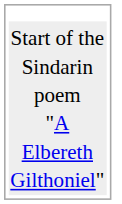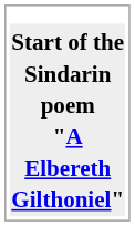 <table class="floatright" style="border-spacing: 2px; border: 1px solid darkgray;">
 <tr>
 <th scope="col" style="width: 50px;"></th>
 </tr>
 <tr>
 <td style="text-align: center;"></td>
 </tr>
 <tr>
-<td style="text-align: center; background: #EEEEEE;"><small>Start of the Sindarin poem<br>"<a href='#'>A Elbereth Gilthoniel</a>"</small></td>
+<td style="text-align: center; background: #EEEEEE;"><strong><small>Start of the Sindarin poem<br>"<a href='#'>A Elbereth Gilthoniel</a>"</small></strong></td>
 </tr>
 </table>
